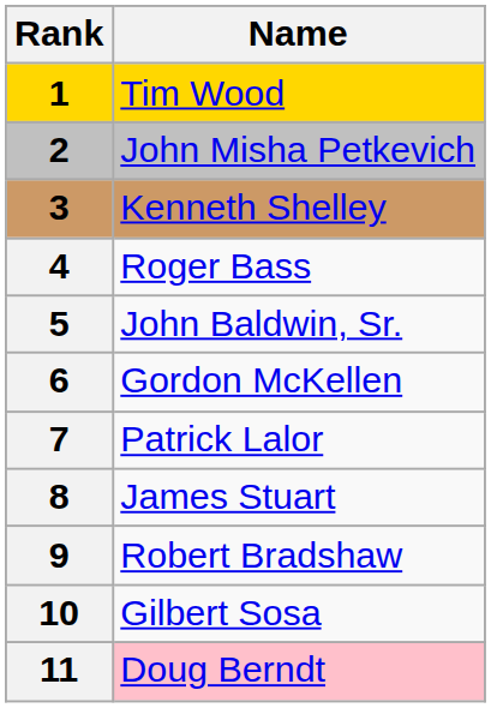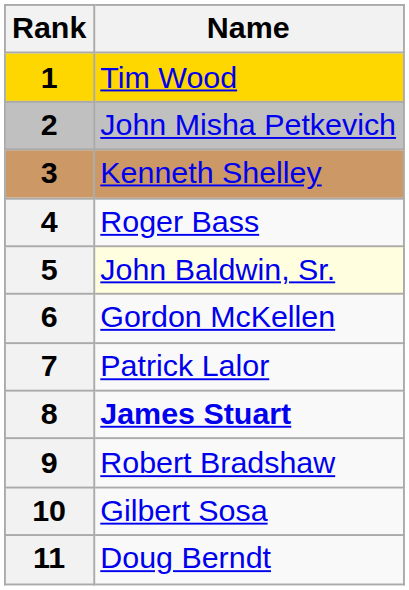 <table class="wikitable">
 <tr>
 <th>Rank</th>
 <th>Name</th>
 </tr>
 <tr bgcolor="gold">
 <td align="center"><strong>1</strong></td>
 <td><a href='#'>Tim Wood</a></td>
 </tr>
 <tr bgcolor="silver">
 <td align="center"><strong>2</strong></td>
 <td><a href='#'>John Misha Petkevich</a></td>
 </tr>
 <tr bgcolor="cc9966">
 <td align="center"><strong>3</strong></td>
 <td><a href='#'>Kenneth Shelley</a></td>
 </tr>
 <tr>
 <th>4</th>
 <td><a href='#'>Roger Bass</a></td>
 </tr>
 <tr>
 <th>5</th>
-<td><a href='#'>John Baldwin, Sr.</a></td>
+<td style="background: lightyellow;"><a href='#'>John Baldwin, Sr.</a></td>
 </tr>
 <tr>
 <th>6</th>
 <td><a href='#'>Gordon McKellen</a></td>
 </tr>
 <tr>
 <th>7</th>
 <td><a href='#'>Patrick Lalor</a></td>
 </tr>
 <tr>
 <th>8</th>
-<td><a href='#'>James Stuart</a></td>
+<td><strong><a href='#'>James Stuart</a></strong></td>
 </tr>
 <tr>
 <th>9</th>
 <td><a href='#'>Robert Bradshaw</a></td>
 </tr>
 <tr>
 <th>10</th>
 <td><a href='#'>Gilbert Sosa</a></td>
 </tr>
 <tr>
 <th>11</th>
-<td style="background: pink;"><a href='#'>Doug Berndt</a></td>
+<td><a href='#'>Doug Berndt</a></td>
 </tr>
 </table>
